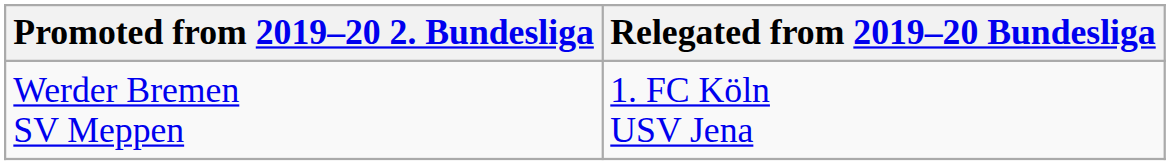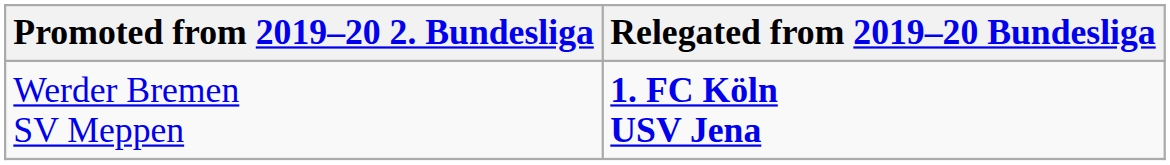 <table class="wikitable">
 <tr>
 <th>Promoted from <a href='#'>2019–20 2. Bundesliga</a></th>
 <th>Relegated from <a href='#'>2019–20 Bundesliga</a></th>
 </tr>
 <tr>
 <td><a href='#'>Werder Bremen</a><br><a href='#'>SV Meppen</a></td>
-<td><a href='#'>1. FC Köln</a><br><a href='#'>USV Jena</a></td>
+<td><strong><a href='#'>1. FC Köln</a><br><a href='#'>USV Jena</a></strong></td>
 </tr>
 </table>
